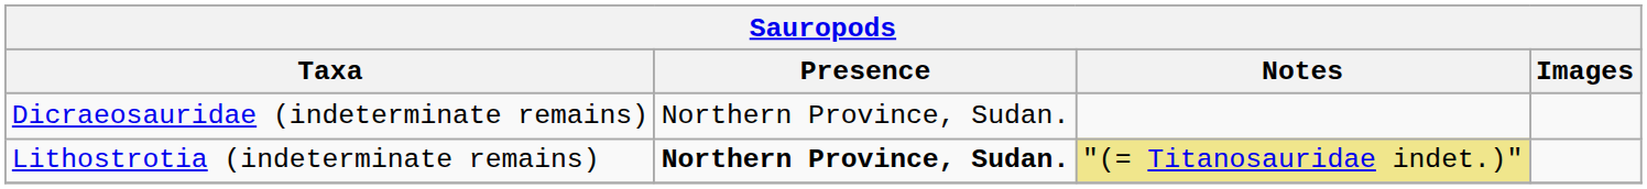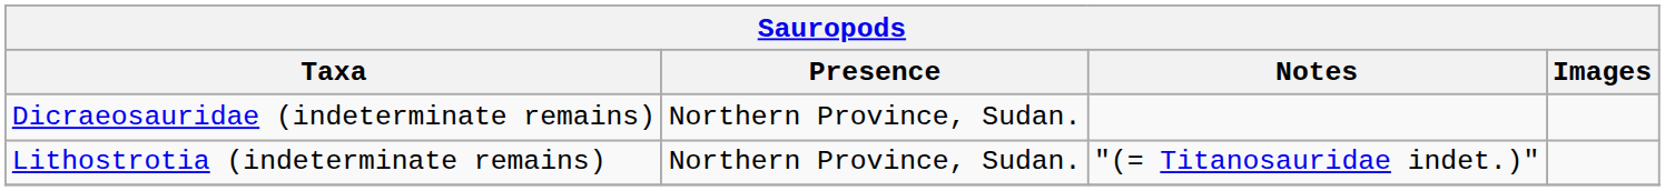 <table class="wikitable" align="center">
 <tr>
 <th colspan="5" align="center"><strong><a href='#'>Sauropods</a></strong></th>
 </tr>
 <tr>
 <th>Taxa</th>
 <th>Presence</th>
 <th>Notes</th>
 <th>Images</th>
 </tr>
 <tr>
 <td><a href='#'>Dicraeosauridae</a> (indeterminate remains)</td>
 <td>Northern Province, Sudan.</td>
 <td></td>
 <td></td>
 </tr>
 <tr>
 <td><a href='#'>Lithostrotia</a> (indeterminate remains)</td>
-<td><strong>Northern Province, Sudan.</strong></td>
-<td style="background: khaki;">"(= <a href='#'>Titanosauridae</a> indet.)"</td>
+<td>Northern Province, Sudan.</td>
+<td>"(= <a href='#'>Titanosauridae</a> indet.)"</td>
 <td></td>
 </tr>
 <tr>
 </tr>
 </table>
